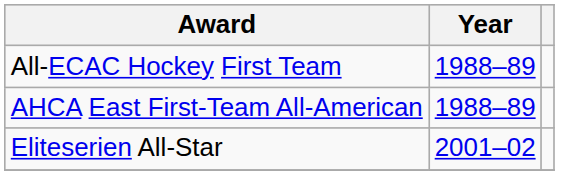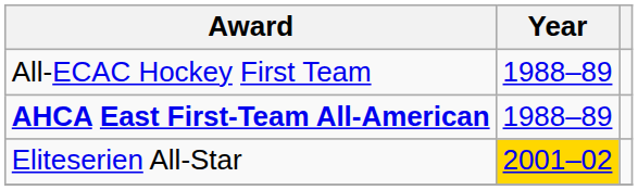 <table class="wikitable">
 <tr>
 <th>Award</th>
 <th>Year</th>
 <th></th>
 </tr>
 <tr>
 <td>All-<a href='#'>ECAC Hockey</a> <a href='#'>First Team</a></td>
 <td><a href='#'>1988–89</a></td>
 <td></td>
 </tr>
 <tr>
-<td><a href='#'>AHCA</a> <a href='#'>East First-Team All-American</a></td>
+<td><strong><a href='#'>AHCA</a> <a href='#'>East First-Team All-American</a></strong></td>
 <td><a href='#'>1988–89</a></td>
 <td></td>
 </tr>
 <tr>
 <td><a href='#'>Eliteserien</a> All-Star</td>
-<td><a href='#'>2001–02</a></td>
+<td style="background: gold;"><a href='#'>2001–02</a></td>
 <td></td>
 </tr>
 <tr>
 </tr>
 </table>
